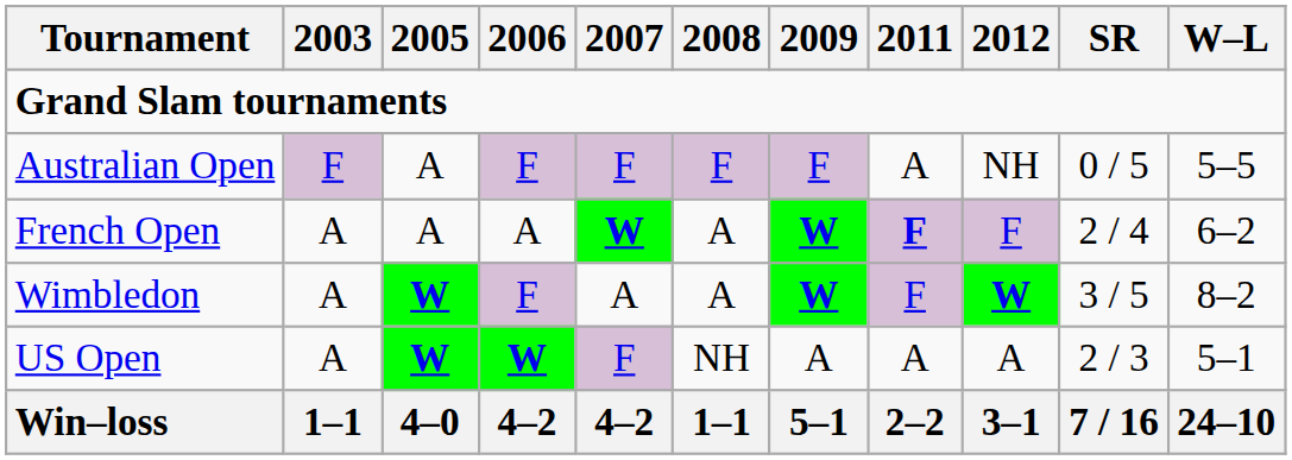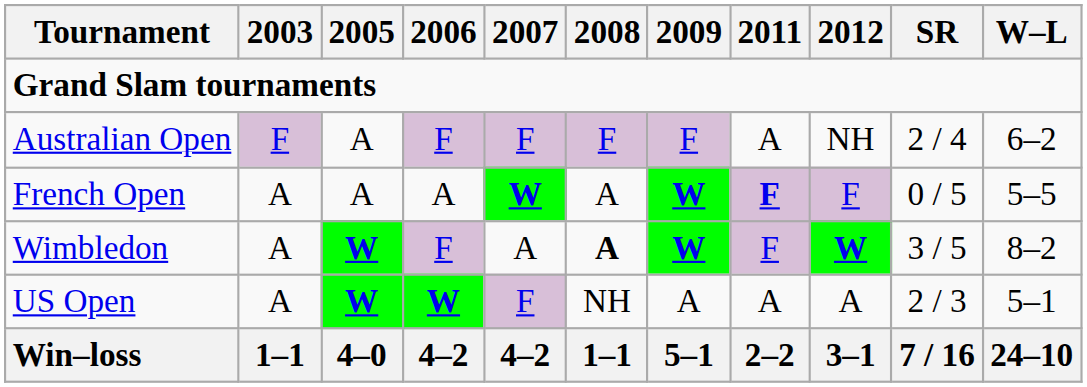 <table class=wikitable style=text-align:center;font-size:97%>
 <tr>
 <th>Tournament</th>
 <th>2003</th>
 <th>2005</th>
 <th>2006</th>
 <th>2007</th>
 <th>2008</th>
 <th>2009</th>
 <th>2011</th>
 <th>2012</th>
 <th>SR</th>
 <th>W–L</th>
 </tr>
 <tr>
 <td colspan=18 align=left><strong>Grand Slam tournaments</strong></td>
 </tr>
 <tr>
 <td align=left><a href='#'>Australian Open</a></td>
 <td bgcolor=thistle><a href='#'>F</a></td>
 <td>A</td>
 <td bgcolor=thistle><a href='#'>F</a></td>
 <td bgcolor=thistle><a href='#'>F</a></td>
 <td bgcolor=thistle><a href='#'>F</a></td>
 <td bgcolor=thistle><a href='#'>F</a></td>
 <td>A</td>
 <td>NH</td>
-<td>0 / 5</td>
-<td>5–5</td>
+<td>2 / 4</td>
+<td>6–2</td>
 </tr>
 <tr>
 <td align=left><a href='#'>French Open</a></td>
 <td>A</td>
 <td>A</td>
 <td>A</td>
 <td bgcolor=lime><a href='#'><strong>W</strong></a></td>
 <td>A</td>
 <td bgcolor=lime><a href='#'><strong>W</strong></a></td>
 <td bgcolor=thistle><strong><a href='#'>F</a></strong></td>
 <td bgcolor=thistle><a href='#'>F</a></td>
-<td>2 / 4</td>
-<td>6–2</td>
+<td>0 / 5</td>
+<td>5–5</td>
 </tr>
 <tr>
 <td align=left><a href='#'>Wimbledon</a></td>
 <td>A</td>
 <td bgcolor=lime><a href='#'><strong>W</strong></a></td>
 <td bgcolor=thistle><a href='#'>F</a></td>
 <td>A</td>
-<td>A</td>
+<td><strong>A</strong></td>
 <td bgcolor=lime><a href='#'><strong>W</strong></a></td>
 <td bgcolor=thistle><a href='#'>F</a></td>
 <td bgcolor=lime><a href='#'><strong>W</strong></a></td>
 <td>3 / 5</td>
 <td>8–2</td>
 </tr>
 <tr>
 <td align=left><a href='#'>US Open</a></td>
 <td>A</td>
 <td bgcolor=lime><a href='#'><strong>W</strong></a></td>
 <td bgcolor=lime><a href='#'><strong>W</strong></a></td>
 <td bgcolor=thistle><a href='#'>F</a></td>
 <td>NH</td>
 <td>A</td>
 <td>A</td>
 <td>A</td>
 <td>2 / 3</td>
 <td>5–1</td>
 </tr>
 <tr>
 <th style=text-align:left>Win–loss</th>
 <th>1–1</th>
 <th>4–0</th>
 <th>4–2</th>
 <th>4–2</th>
 <th>1–1</th>
 <th>5–1</th>
 <th>2–2</th>
 <th>3–1</th>
 <th>7 / 16</th>
 <th>24–10</th>
 </tr>
 </table>
